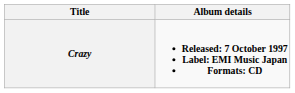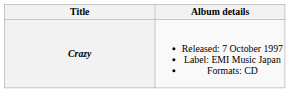 <table class="wikitable plainrowheaders" style="text-align:center;">
 <tr>
 <th scope="col" style="width:15em;">Title</th>
 <th scope="col">Album details</th>
 </tr>
 <tr>
 <th scope="row"><em>Crazy</em></th>
-<td><strong><br><ul><li>Released: 7 October 1997</li><li>Label: EMI Music Japan</li><li>Formats: CD</li></ul></strong></td>
+<td><br><ul><li>Released: 7 October 1997</li><li>Label: EMI Music Japan</li><li>Formats: CD</li></ul></td>
 </tr>
 </table>
